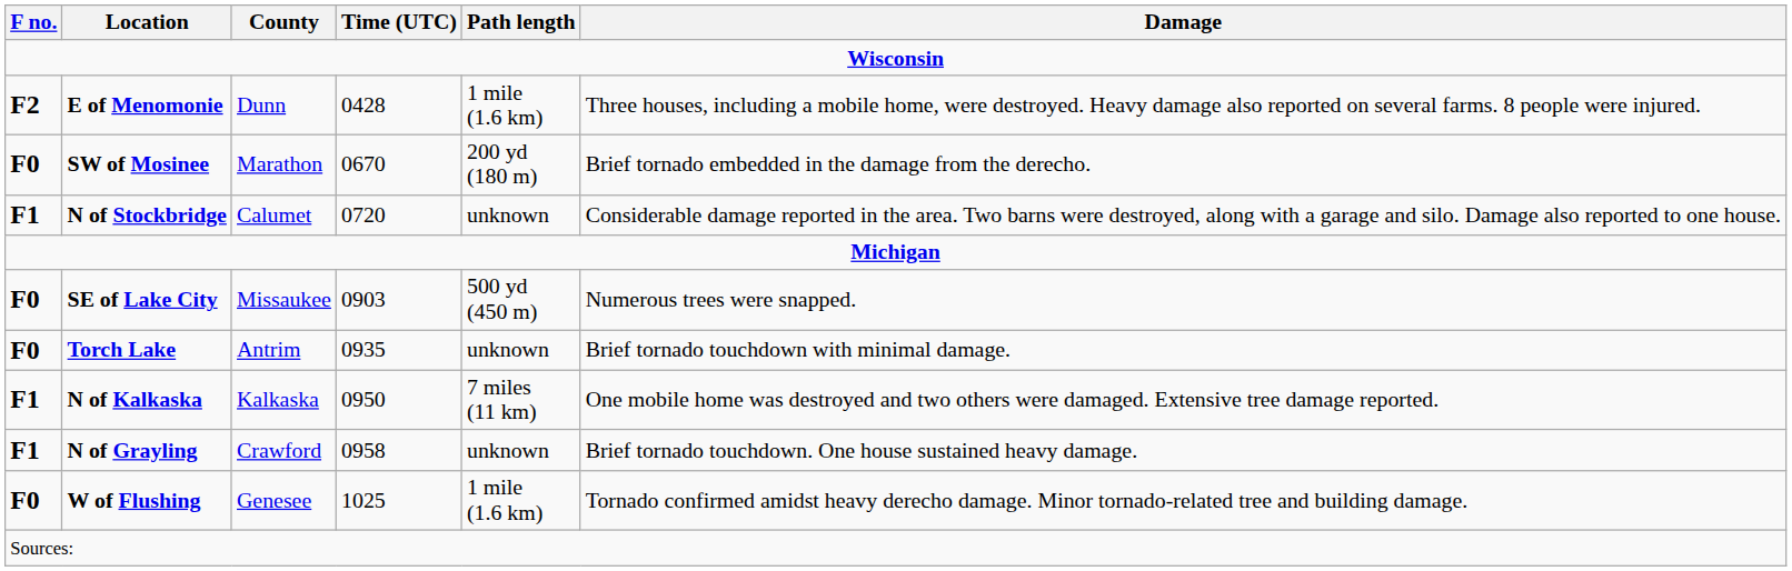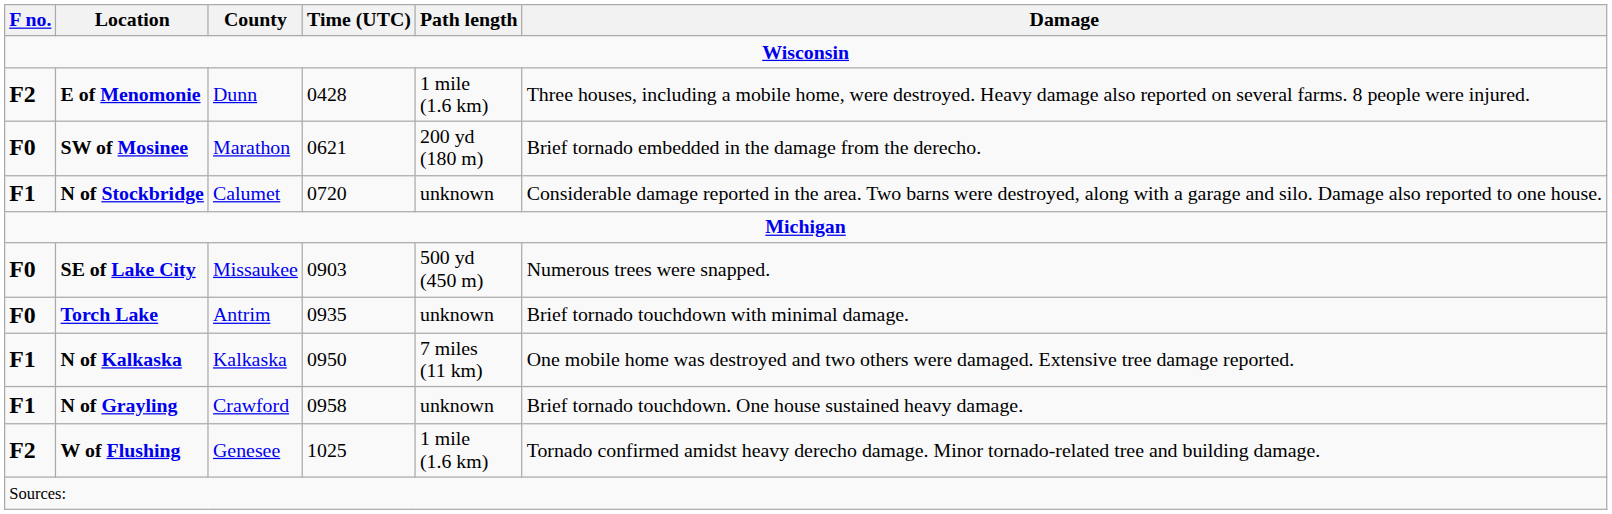 <table class="wikitable">
 <tr>
 <th><strong><a href='#'>F no.</a></strong></th>
 <th><strong>Location</strong></th>
 <th><strong>County</strong></th>
 <th><strong>Time (UTC)</strong></th>
 <th><strong>Path length</strong></th>
 <th><strong>Damage</strong></th>
 </tr>
 <tr>
 <td colspan="7" align=center><strong><a href='#'>Wisconsin</a></strong></td>
 </tr>
 <tr>
 <td><big><strong>F2</strong></big></td>
 <td><strong>E of <a href='#'>Menomonie</a></strong></td>
 <td><a href='#'>Dunn</a></td>
 <td>0428</td>
 <td>1 mile <br>(1.6 km)</td>
 <td>Three houses, including a mobile home, were destroyed. Heavy damage also reported on several farms. 8 people were injured.</td>
 </tr>
 <tr>
 <td><big><strong>F0</strong></big></td>
 <td><strong>SW of <a href='#'>Mosinee</a></strong></td>
 <td><a href='#'>Marathon</a></td>
-<td>0670</td>
+<td>0621</td>
 <td>200 yd<br>(180 m)</td>
 <td>Brief tornado embedded in the damage from the derecho.</td>
 </tr>
 <tr>
 <td><big><strong>F1</strong></big></td>
 <td><strong>N of <a href='#'>Stockbridge</a></strong></td>
 <td><a href='#'>Calumet</a></td>
 <td>0720</td>
 <td>unknown</td>
 <td>Considerable damage reported in the area. Two barns were destroyed, along with a garage and silo. Damage also reported to one house.</td>
 </tr>
 <tr>
 <td colspan="7" align=center><strong><a href='#'>Michigan</a></strong></td>
 </tr>
 <tr>
 <td><big><strong>F0</strong></big></td>
 <td><strong>SE of <a href='#'>Lake City</a></strong></td>
 <td><a href='#'>Missaukee</a></td>
 <td>0903</td>
 <td>500 yd<br>(450 m)</td>
 <td>Numerous trees were snapped.</td>
 </tr>
 <tr>
 <td><big><strong>F0</strong></big></td>
 <td><strong><a href='#'>Torch Lake</a></strong></td>
 <td><a href='#'>Antrim</a></td>
 <td>0935</td>
 <td>unknown</td>
 <td>Brief tornado touchdown with minimal damage.</td>
 </tr>
 <tr>
 <td><big><strong>F1</strong></big></td>
 <td><strong>N of <a href='#'>Kalkaska</a></strong></td>
 <td><a href='#'>Kalkaska</a></td>
 <td>0950</td>
 <td>7 miles <br>(11 km)</td>
 <td>One mobile home was destroyed and two others were damaged. Extensive tree damage reported.</td>
 </tr>
 <tr>
 <td><big><strong>F1</strong></big></td>
 <td><strong>N of <a href='#'>Grayling</a></strong></td>
 <td><a href='#'>Crawford</a></td>
 <td>0958</td>
 <td>unknown</td>
 <td>Brief tornado touchdown. One house sustained heavy damage.</td>
 </tr>
 <tr>
-<td><big><strong>F0</strong></big></td>
+<td><big><strong>F2</strong></big></td>
 <td><strong>W of <a href='#'>Flushing</a></strong></td>
 <td><a href='#'>Genesee</a></td>
 <td>1025</td>
 <td>1 mile<br>(1.6 km)</td>
 <td>Tornado confirmed amidst heavy derecho damage. Minor tornado-related tree and building damage.</td>
 </tr>
 <tr>
 <td colspan="7"><small>Sources: </small></td>
 </tr>
 </table>
